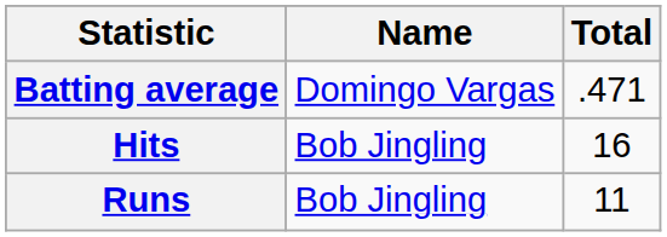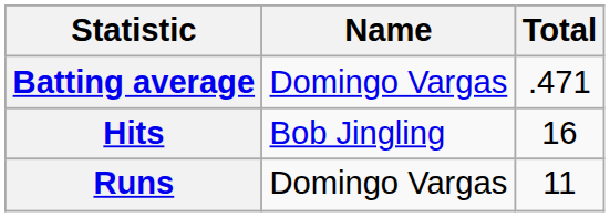 <table class="wikitable plainrowheaders">
 <tr>
 <th scope="col">Statistic</th>
 <th scope="col">Name</th>
 <th scope="col">Total</th>
 </tr>
 <tr>
 <th scope="row"><a href='#'>Batting average</a></th>
 <td> <a href='#'>Domingo Vargas</a></td>
 <td align=center>.471</td>
 </tr>
 <tr>
 <th scope="row"><a href='#'>Hits</a></th>
 <td> <a href='#'>Bob Jingling</a></td>
 <td align=center>16</td>
 </tr>
 <tr>
 <th scope="row"><a href='#'>Runs</a></th>
-<td> <a href='#'>Bob Jingling</a></td>
+<td> Domingo Vargas</td>
 <td align=center>11</td>
 </tr>
 </table>
